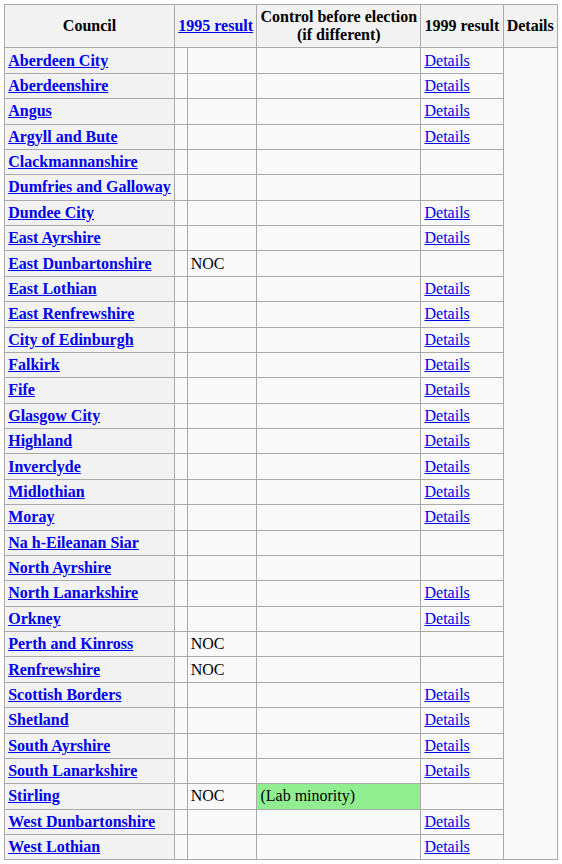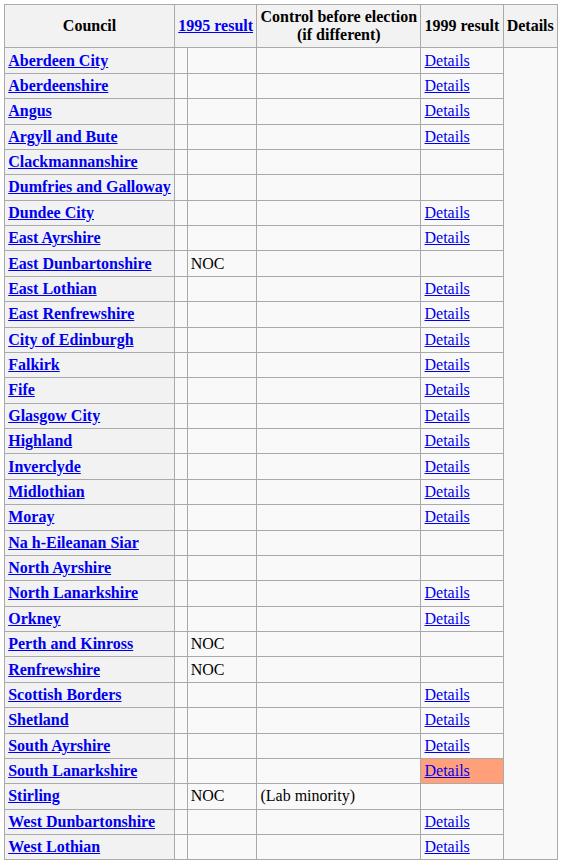 <table class="wikitable">
 <tr>
 <th scope="col">Council</th>
 <th scope="col"  colspan="2"><a href='#'>1995 result</a></th>
 <th scope="col">Control before election<br>(if different)</th>
 <th scope="col" colspan="2">1999 result</th>
 <th scope="col">Details</th>
 </tr>
 <tr>
 <th scope="row" style="text-align: left;"><a href='#'>Aberdeen City</a></th>
 <td></td>
 <td></td>
 <td></td>
 <td><a href='#'>Details</a></td>
 </tr>
 <tr>
 <th scope="row" style="text-align: left;"><a href='#'>Aberdeenshire</a></th>
 <td></td>
 <td></td>
 <td></td>
 <td><a href='#'>Details</a></td>
 </tr>
 <tr>
 <th scope="row" style="text-align: left;"><a href='#'>Angus</a></th>
 <td></td>
 <td></td>
 <td></td>
 <td><a href='#'>Details</a></td>
 </tr>
 <tr>
 <th scope="row" style="text-align: left;"><a href='#'>Argyll and Bute</a></th>
 <td></td>
 <td></td>
 <td></td>
 <td><a href='#'>Details</a></td>
 </tr>
 <tr>
 <th scope="row" style="text-align: left;"><a href='#'>Clackmannanshire</a></th>
 <td></td>
 <td></td>
 <td></td>
 <td></td>
 </tr>
 <tr>
 <th scope="row" style="text-align: left;"><a href='#'>Dumfries and Galloway</a></th>
 <td></td>
 <td></td>
 <td></td>
 <td></td>
 </tr>
 <tr>
 <th scope="row" style="text-align: left;"><a href='#'>Dundee City</a></th>
 <td></td>
 <td></td>
 <td></td>
 <td><a href='#'>Details</a></td>
 </tr>
 <tr>
 <th scope="row" style="text-align: left;"><a href='#'>East Ayrshire</a></th>
 <td></td>
 <td></td>
 <td></td>
 <td><a href='#'>Details</a></td>
 </tr>
 <tr>
 <th scope="row" style="text-align: left;"><a href='#'>East Dunbartonshire</a></th>
 <td></td>
 <td>NOC</td>
 <td></td>
 <td></td>
 </tr>
 <tr>
 </tr>
 <tr>
 <th scope="row" style="text-align: left;"><a href='#'>East Lothian</a></th>
 <td></td>
 <td></td>
 <td></td>
 <td><a href='#'>Details</a></td>
 </tr>
 <tr>
 <th scope="row" style="text-align: left;"><a href='#'>East Renfrewshire</a></th>
 <td></td>
 <td></td>
 <td></td>
 <td><a href='#'>Details</a></td>
 </tr>
 <tr>
 <th scope="row" style="text-align: left;"><a href='#'>City of Edinburgh</a></th>
 <td></td>
 <td></td>
 <td></td>
 <td><a href='#'>Details</a></td>
 </tr>
 <tr>
 <th scope="row" style="text-align: left;"><a href='#'>Falkirk</a></th>
 <td></td>
 <td></td>
 <td></td>
 <td><a href='#'>Details</a></td>
 </tr>
 <tr>
 <th scope="row" style="text-align: left;"><a href='#'>Fife</a></th>
 <td></td>
 <td></td>
 <td></td>
 <td><a href='#'>Details</a></td>
 </tr>
 <tr>
 <th scope="row" style="text-align: left;"><a href='#'>Glasgow City</a></th>
 <td></td>
 <td></td>
 <td></td>
 <td><a href='#'>Details</a></td>
 </tr>
 <tr>
 <th scope="row" style="text-align: left;"><a href='#'>Highland</a></th>
 <td></td>
 <td></td>
 <td></td>
 <td><a href='#'>Details</a></td>
 </tr>
 <tr>
 <th scope="row" style="text-align: left;"><a href='#'>Inverclyde</a></th>
 <td></td>
 <td></td>
 <td></td>
 <td><a href='#'>Details</a></td>
 </tr>
 <tr>
 <th scope="row" style="text-align: left;"><a href='#'>Midlothian</a></th>
 <td></td>
 <td></td>
 <td></td>
 <td><a href='#'>Details</a></td>
 </tr>
 <tr>
 <th scope="row" style="text-align: left;"><a href='#'>Moray</a></th>
 <td></td>
 <td></td>
 <td></td>
 <td><a href='#'>Details</a></td>
 </tr>
 <tr>
 <th scope="row" style="text-align: left;"><a href='#'>Na h-Eileanan Siar</a></th>
 <td></td>
 <td></td>
 <td></td>
 <td></td>
 </tr>
 <tr>
 <th scope="row" style="text-align: left;"><a href='#'>North Ayrshire</a></th>
 <td></td>
 <td></td>
 <td></td>
 <td></td>
 </tr>
 <tr>
 <th scope="row" style="text-align: left;"><a href='#'>North Lanarkshire</a></th>
 <td></td>
 <td></td>
 <td></td>
 <td><a href='#'>Details</a></td>
 </tr>
 <tr>
 <th scope="row" style="text-align: left;"><a href='#'>Orkney</a></th>
 <td></td>
 <td></td>
 <td></td>
 <td><a href='#'>Details</a></td>
 </tr>
 <tr>
 <th scope="row" style="text-align: left;"><a href='#'>Perth and Kinross</a></th>
 <td></td>
 <td>NOC</td>
 <td></td>
 <td></td>
 </tr>
 <tr>
 <th scope="row" style="text-align: left;"><a href='#'>Renfrewshire</a></th>
 <td></td>
 <td>NOC</td>
 <td></td>
 <td></td>
 </tr>
 <tr>
 <th scope="row" style="text-align: left;"><a href='#'>Scottish Borders</a></th>
 <td></td>
 <td></td>
 <td></td>
 <td><a href='#'>Details</a></td>
 </tr>
 <tr>
 <th scope="row" style="text-align: left;"><a href='#'>Shetland</a></th>
 <td></td>
 <td></td>
 <td></td>
 <td><a href='#'>Details</a></td>
 </tr>
 <tr>
 <th scope="row" style="text-align: left;"><a href='#'>South Ayrshire</a></th>
 <td></td>
 <td></td>
 <td></td>
 <td><a href='#'>Details</a></td>
 </tr>
 <tr>
 <th scope="row" style="text-align: left;"><a href='#'>South Lanarkshire</a></th>
 <td></td>
 <td></td>
 <td></td>
-<td><a href='#'>Details</a></td>
+<td style="background: lightsalmon;"><a href='#'>Details</a></td>
 </tr>
 <tr>
 <th scope="row" style="text-align: left;"><a href='#'>Stirling</a></th>
 <td></td>
 <td>NOC</td>
-<td style="background: lightgreen;"> (Lab minority)</td>
+<td> (Lab minority)</td>
 <td></td>
 </tr>
 <tr>
 <th scope="row" style="text-align: left;"><a href='#'>West Dunbartonshire</a></th>
 <td></td>
 <td></td>
 <td></td>
 <td><a href='#'>Details</a></td>
 </tr>
 <tr>
 <th scope="row" style="text-align: left;"><a href='#'>West Lothian</a></th>
 <td></td>
 <td></td>
 <td></td>
 <td><a href='#'>Details</a></td>
 </tr>
 </table>
